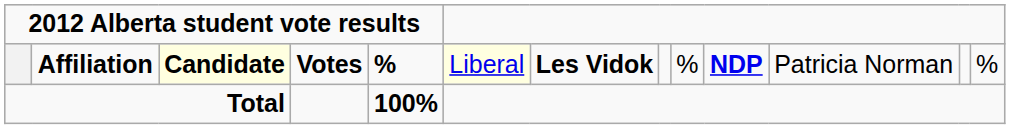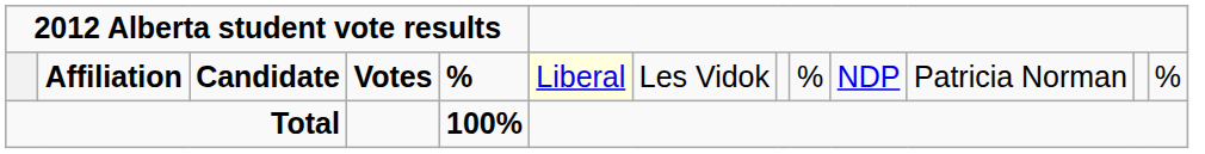 <table class="wikitable">
 <tr>
 <td colspan="5" align=center><strong>2012 Alberta student vote results</strong></td>
 </tr>
 <tr>
 <th style="width: 10px;"></th>
 <td><strong>Affiliation</strong></td>
-<td style="background: lightyellow;"><strong>Candidate</strong></td>
+<td><strong>Candidate</strong></td>
 <td><strong>Votes</strong></td>
 <td><strong>%</strong><br>  </td>
 <td style="background: lightyellow;"><a href='#'>Liberal</a></td>
-<td><strong>Les Vidok</strong></td>
+<td>Les Vidok</td>
 <td></td>
 <td>%<br> </td>
-<td><strong><a href='#'>NDP</a></strong></td>
+<td><a href='#'>NDP</a></td>
 <td>Patricia Norman</td>
 <td></td>
 <td>%</td>
 </tr>
 <tr>
 <td colspan="3" align="right"><strong>Total</strong></td>
 <td></td>
 <td><strong>100%</strong></td>
 </tr>
 </table>
